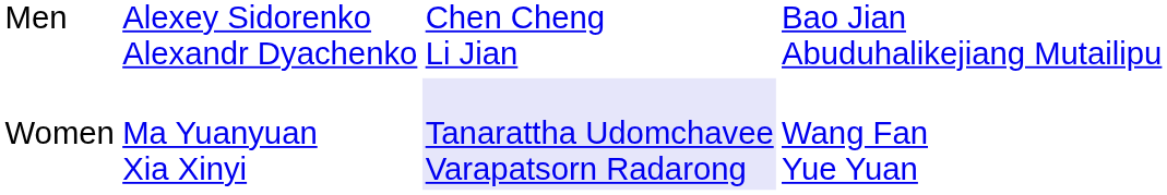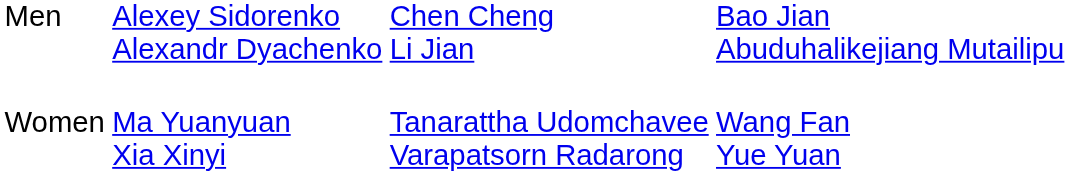 <table>
 <tr>
 <td>Men<br></td>
 <td><br><a href='#'>Alexey Sidorenko</a><br><a href='#'>Alexandr Dyachenko</a></td>
 <td><br><a href='#'>Chen Cheng</a><br><a href='#'>Li Jian</a></td>
 <td><br><a href='#'>Bao Jian</a><br><a href='#'>Abuduhalikejiang Mutailipu</a></td>
 </tr>
 <tr>
 <td>Women<br></td>
 <td><br><a href='#'>Ma Yuanyuan</a><br><a href='#'>Xia Xinyi</a></td>
-<td style="background: lavender;"><br><a href='#'>Tanarattha Udomchavee</a><br><a href='#'>Varapatsorn Radarong</a></td>
+<td><br><a href='#'>Tanarattha Udomchavee</a><br><a href='#'>Varapatsorn Radarong</a></td>
 <td><br><a href='#'>Wang Fan</a><br><a href='#'>Yue Yuan</a></td>
 </tr>
 </table>
